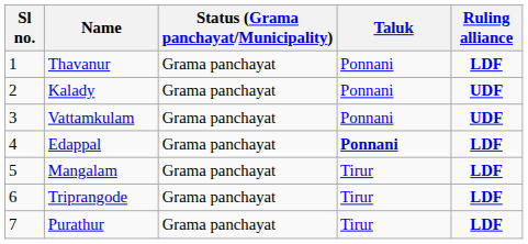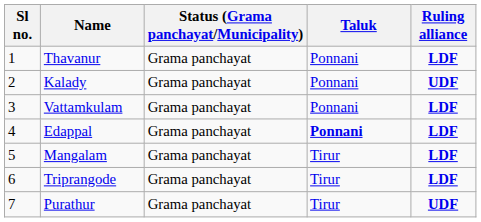 <table class="wikitable sortable" style="font-size: 95%;">
 <tr>
 <th width="30px">Sl no.</th>
 <th width="100px">Name</th>
 <th width="130px">Status (<a href='#'>Grama panchayat</a>/<a href='#'>Municipality</a>)</th>
 <th width="100px"><a href='#'>Taluk</a></th>
 <th width="60px"><a href='#'>Ruling alliance</a></th>
 </tr>
 <tr>
 <td>1</td>
 <td><a href='#'>Thavanur</a></td>
 <td>Grama panchayat</td>
 <td><a href='#'>Ponnani</a></td>
 <td style="text-align: center; background-color:"><a href='#'><span><strong>LDF</strong></span></a></td>
 </tr>
 <tr>
 <td>2</td>
 <td><a href='#'>Kalady</a></td>
 <td>Grama panchayat</td>
 <td><a href='#'>Ponnani</a></td>
 <td style="text-align: center; background-color:"><a href='#'><span><strong>UDF</strong></span></a></td>
 </tr>
 <tr>
 <td>3</td>
 <td><a href='#'>Vattamkulam</a></td>
 <td>Grama panchayat</td>
 <td><a href='#'>Ponnani</a></td>
-<td style="text-align: center; background-color:"><a href='#'><span><strong>UDF</strong></span></a></td>
+<td style="text-align: center; background-color:"><a href='#'><span><strong>LDF</strong></span></a></td>
 </tr>
 <tr>
 <td>4</td>
 <td><a href='#'>Edappal</a></td>
 <td>Grama panchayat</td>
 <td><strong><a href='#'>Ponnani</a></strong></td>
 <td style="text-align: center; background-color:"><a href='#'><span><strong>LDF</strong></span></a></td>
 </tr>
 <tr>
 <td>5</td>
 <td><a href='#'>Mangalam</a></td>
 <td>Grama panchayat</td>
 <td><a href='#'>Tirur</a></td>
 <td style="text-align: center; background-color:"><a href='#'><span><strong>LDF</strong></span></a></td>
 </tr>
 <tr>
 <td>6</td>
 <td><a href='#'>Triprangode</a></td>
 <td>Grama panchayat</td>
 <td><a href='#'>Tirur</a></td>
 <td style="text-align: center; background-color:"><a href='#'><span><strong>LDF</strong></span></a></td>
 </tr>
 <tr>
 <td>7</td>
 <td><a href='#'>Purathur</a></td>
 <td>Grama panchayat</td>
 <td><a href='#'>Tirur</a></td>
-<td style="text-align: center; background-color:"><a href='#'><span><strong>LDF</strong></span></a></td>
+<td style="text-align: center; background-color:"><a href='#'><span><strong>UDF</strong></span></a></td>
 </tr>
 </table>
